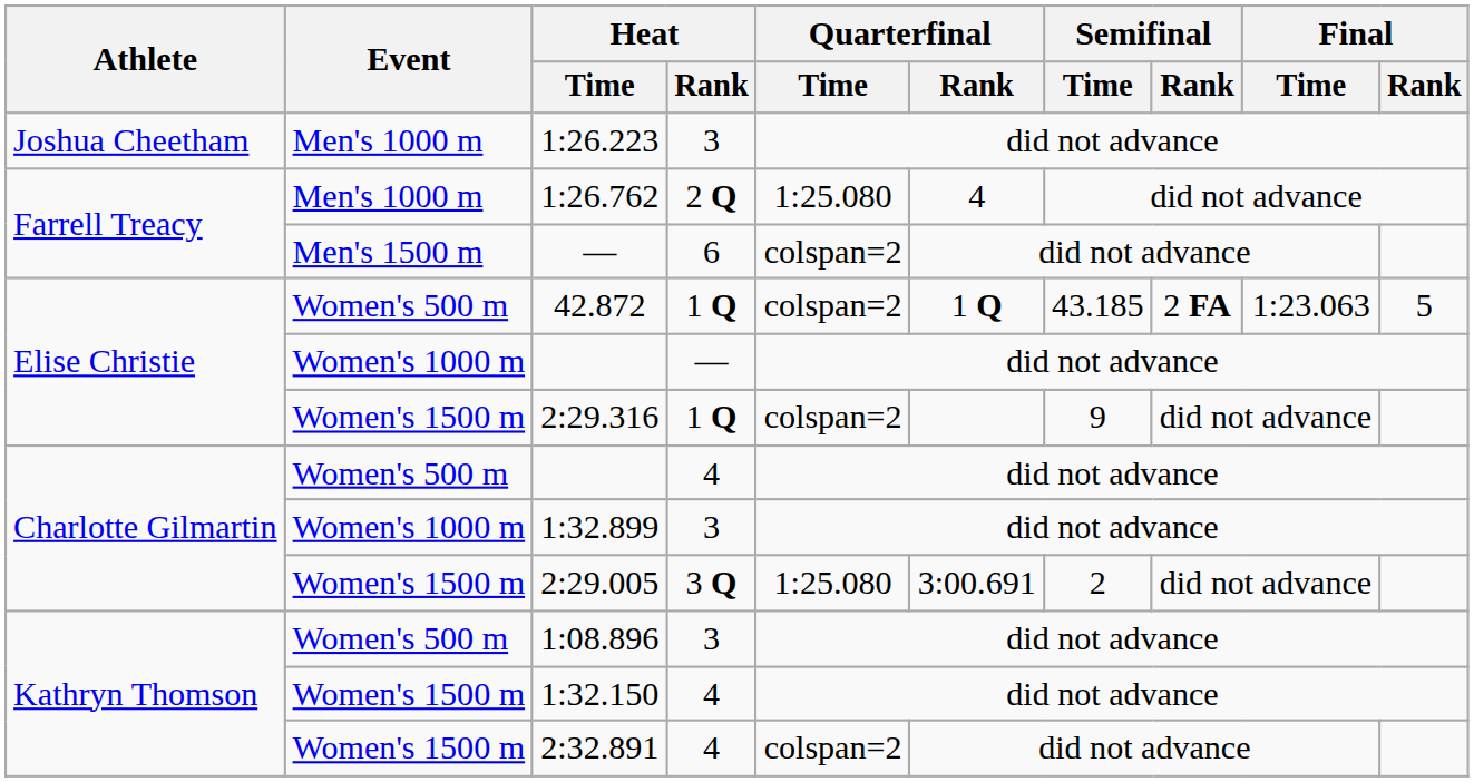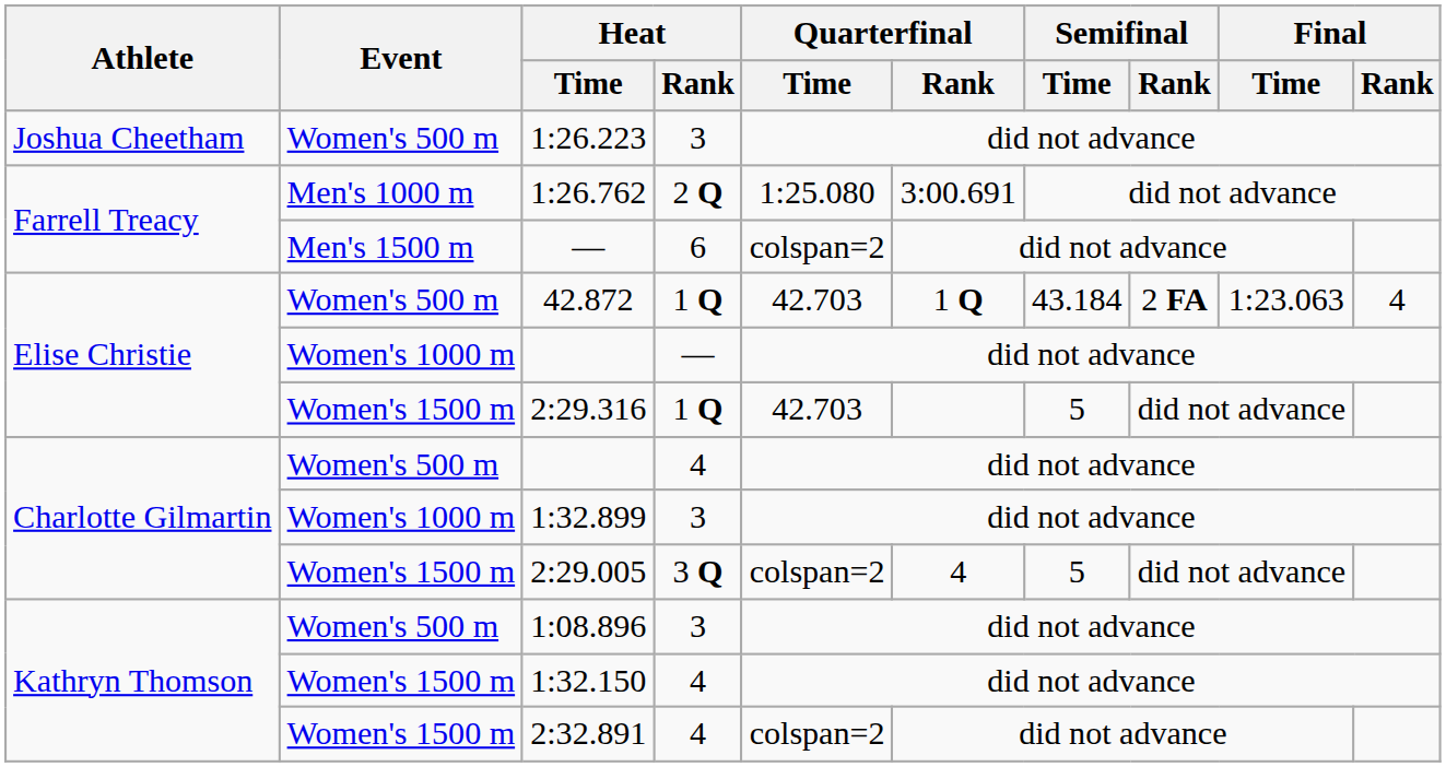 <table class="wikitable" style="font-size:90%">
 <tr>
 <th rowspan=2>Athlete</th>
 <th rowspan=2>Event</th>
 <th colspan=2>Heat</th>
 <th colspan=2>Quarterfinal</th>
 <th colspan=2>Semifinal</th>
 <th colspan=2>Final</th>
 </tr>
 <tr style="font-size:95%">
 <th>Time</th>
 <th>Rank</th>
 <th>Time</th>
 <th>Rank</th>
 <th>Time</th>
 <th>Rank</th>
 <th>Time</th>
 <th>Rank</th>
 </tr>
 <tr align=center>
 <td align=left><a href='#'>Joshua Cheetham</a></td>
-<td align=left><a href='#'>Men's 1000 m</a></td>
+<td align=left><a href='#'>Women's 500 m</a></td>
 <td>1:26.223</td>
 <td>3</td>
 <td colspan=6>did not advance</td>
 </tr>
 <tr align=center>
 <td align=left rowspan=2><a href='#'>Farrell Treacy</a></td>
 <td align=left><a href='#'>Men's 1000 m</a></td>
 <td>1:26.762</td>
 <td>2 <strong>Q</strong></td>
 <td>1:25.080</td>
-<td>4</td>
+<td>3:00.691</td>
 <td colspan=4>did not advance</td>
 </tr>
 <tr align=center>
 <td align=left><a href='#'>Men's 1500 m</a></td>
 <td>—</td>
 <td>6</td>
 <td>colspan=2 </td>
 <td colspan=4>did not advance</td>
 </tr>
 <tr align=center>
 <td align=left rowspan=3><a href='#'>Elise Christie</a></td>
 <td align=left><a href='#'>Women's 500 m</a></td>
 <td>42.872</td>
 <td>1 <strong>Q</strong></td>
-<td>colspan=2 </td>
+<td>42.703 </td>
 <td>1 <strong>Q</strong></td>
-<td>43.185</td>
+<td>43.184</td>
 <td>2 <strong>FA</strong></td>
 <td>1:23.063</td>
-<td>5</td>
+<td>4</td>
 </tr>
 <tr align=center>
 <td align=left><a href='#'>Women's 1000 m</a></td>
 <td></td>
 <td>—</td>
 <td colspan=6>did not advance</td>
 </tr>
 <tr align=center>
 <td align=left><a href='#'>Women's 1500 m</a></td>
 <td>2:29.316</td>
 <td>1 <strong>Q</strong></td>
-<td>colspan=2 </td>
+<td>42.703 </td>
 <td></td>
-<td>9</td>
+<td>5</td>
 <td colspan=2>did not advance</td>
 </tr>
 <tr align=center>
 <td align=left rowspan=3><a href='#'>Charlotte Gilmartin</a></td>
 <td align=left><a href='#'>Women's 500 m</a></td>
 <td></td>
 <td>4</td>
 <td colspan=6>did not advance</td>
 </tr>
 <tr align=center>
 <td align=left><a href='#'>Women's 1000 m</a></td>
 <td>1:32.899</td>
 <td>3</td>
 <td colspan=6>did not advance</td>
 </tr>
 <tr align=center>
 <td align=left><a href='#'>Women's 1500 m</a></td>
 <td>2:29.005</td>
 <td>3 <strong>Q</strong></td>
-<td>1:25.080</td>
-<td>3:00.691</td>
-<td>2</td>
+<td>colspan=2 </td>
+<td>4</td>
+<td>5</td>
 <td colspan=2>did not advance</td>
 </tr>
 <tr align=center>
 <td align=left rowspan=3><a href='#'>Kathryn Thomson</a></td>
 <td align=left><a href='#'>Women's 500 m</a></td>
 <td>1:08.896</td>
 <td>3</td>
 <td colspan=6>did not advance</td>
 </tr>
 <tr align=center>
 <td align=left><a href='#'>Women's 1500 m</a></td>
 <td>1:32.150</td>
 <td>4</td>
 <td colspan=6>did not advance</td>
 </tr>
 <tr align=center>
 <td align=left><a href='#'>Women's 1500 m</a></td>
 <td>2:32.891</td>
 <td>4</td>
 <td>colspan=2 </td>
 <td colspan=4>did not advance</td>
 </tr>
 </table>
